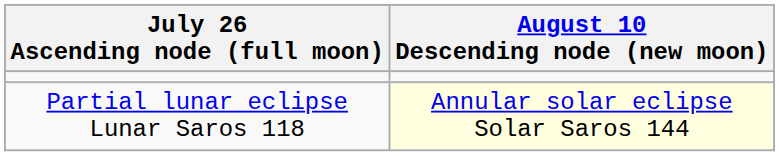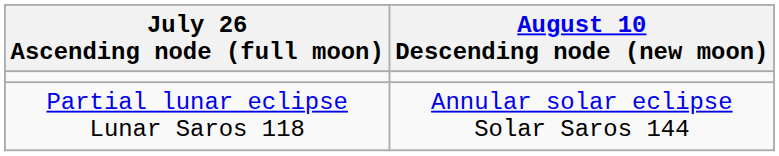 <table class="wikitable">
 <tr>
 <th>July 26<br>Ascending node (full moon)</th>
 <th><a href='#'>August 10</a><br>Descending node (new moon)</th>
 </tr>
 <tr>
 <td></td>
 <td></td>
 </tr>
 <tr align=center>
 <td><a href='#'>Partial lunar eclipse</a><br>Lunar Saros 118</td>
-<td style="background: lightyellow;"><a href='#'>Annular solar eclipse</a><br>Solar Saros 144</td>
+<td><a href='#'>Annular solar eclipse</a><br>Solar Saros 144</td>
 </tr>
 </table>
